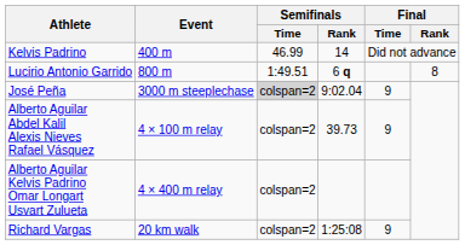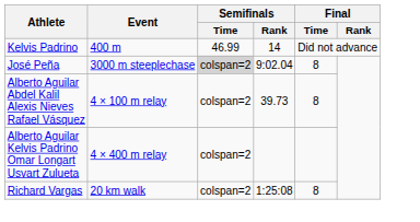 <table class=wikitable style="font-size:90%;">
 <tr>
 <th rowspan=2>Athlete</th>
 <th rowspan=2>Event</th>
 <th colspan=2>Semifinals</th>
 <th colspan=2>Final</th>
 </tr>
 <tr style="font-size:95%">
 <th>Time</th>
 <th>Rank</th>
 <th>Time</th>
 <th>Rank</th>
 </tr>
 <tr align=center>
 <td align=left><a href='#'>Kelvis Padrino</a></td>
 <td align=left><a href='#'>400 m</a></td>
 <td>46.99</td>
 <td>14</td>
 <td colspan=2>Did not advance</td>
 </tr>
 <tr align=center>
-<td align=left><a href='#'>Lucirio Antonio Garrido</a></td>
-<td align=left><a href='#'>800 m</a></td>
-<td>1:49.51</td>
-<td>6 <strong>q</strong></td>
-<td></td>
-<td>8</td>
-</tr>
-<tr align=center>
 <td align=left><a href='#'>José Peña</a></td>
 <td align=left><a href='#'>3000 m steeplechase</a></td>
 <td style="background: lightgrey;">colspan=2 </td>
 <td>9:02.04</td>
-<td>9</td>
+<td>8</td>
 </tr>
 <tr align=center>
 <td align=left><a href='#'>Alberto Aguilar</a><br><a href='#'>Abdel Kalil</a><br><a href='#'>Alexis Nieves</a><br><a href='#'>Rafael Vásquez</a></td>
 <td align=left><a href='#'>4 × 100 m relay</a></td>
 <td>colspan=2 </td>
 <td>39.73</td>
-<td>9</td>
+<td>8</td>
 </tr>
 <tr align=center>
 <td align=left><a href='#'>Alberto Aguilar</a><br><a href='#'>Kelvis Padrino</a><br><a href='#'>Omar Longart</a><br><a href='#'>Usvart Zulueta</a></td>
 <td align=left><a href='#'>4 × 400 m relay</a></td>
 <td>colspan=2 </td>
 <td></td>
 <td></td>
 </tr>
 <tr align=center>
 <td align=left><a href='#'>Richard Vargas</a></td>
 <td align=left><a href='#'>20 km walk</a></td>
 <td>colspan=2 </td>
 <td>1:25:08</td>
-<td>9</td>
+<td>8</td>
 </tr>
 </table>
